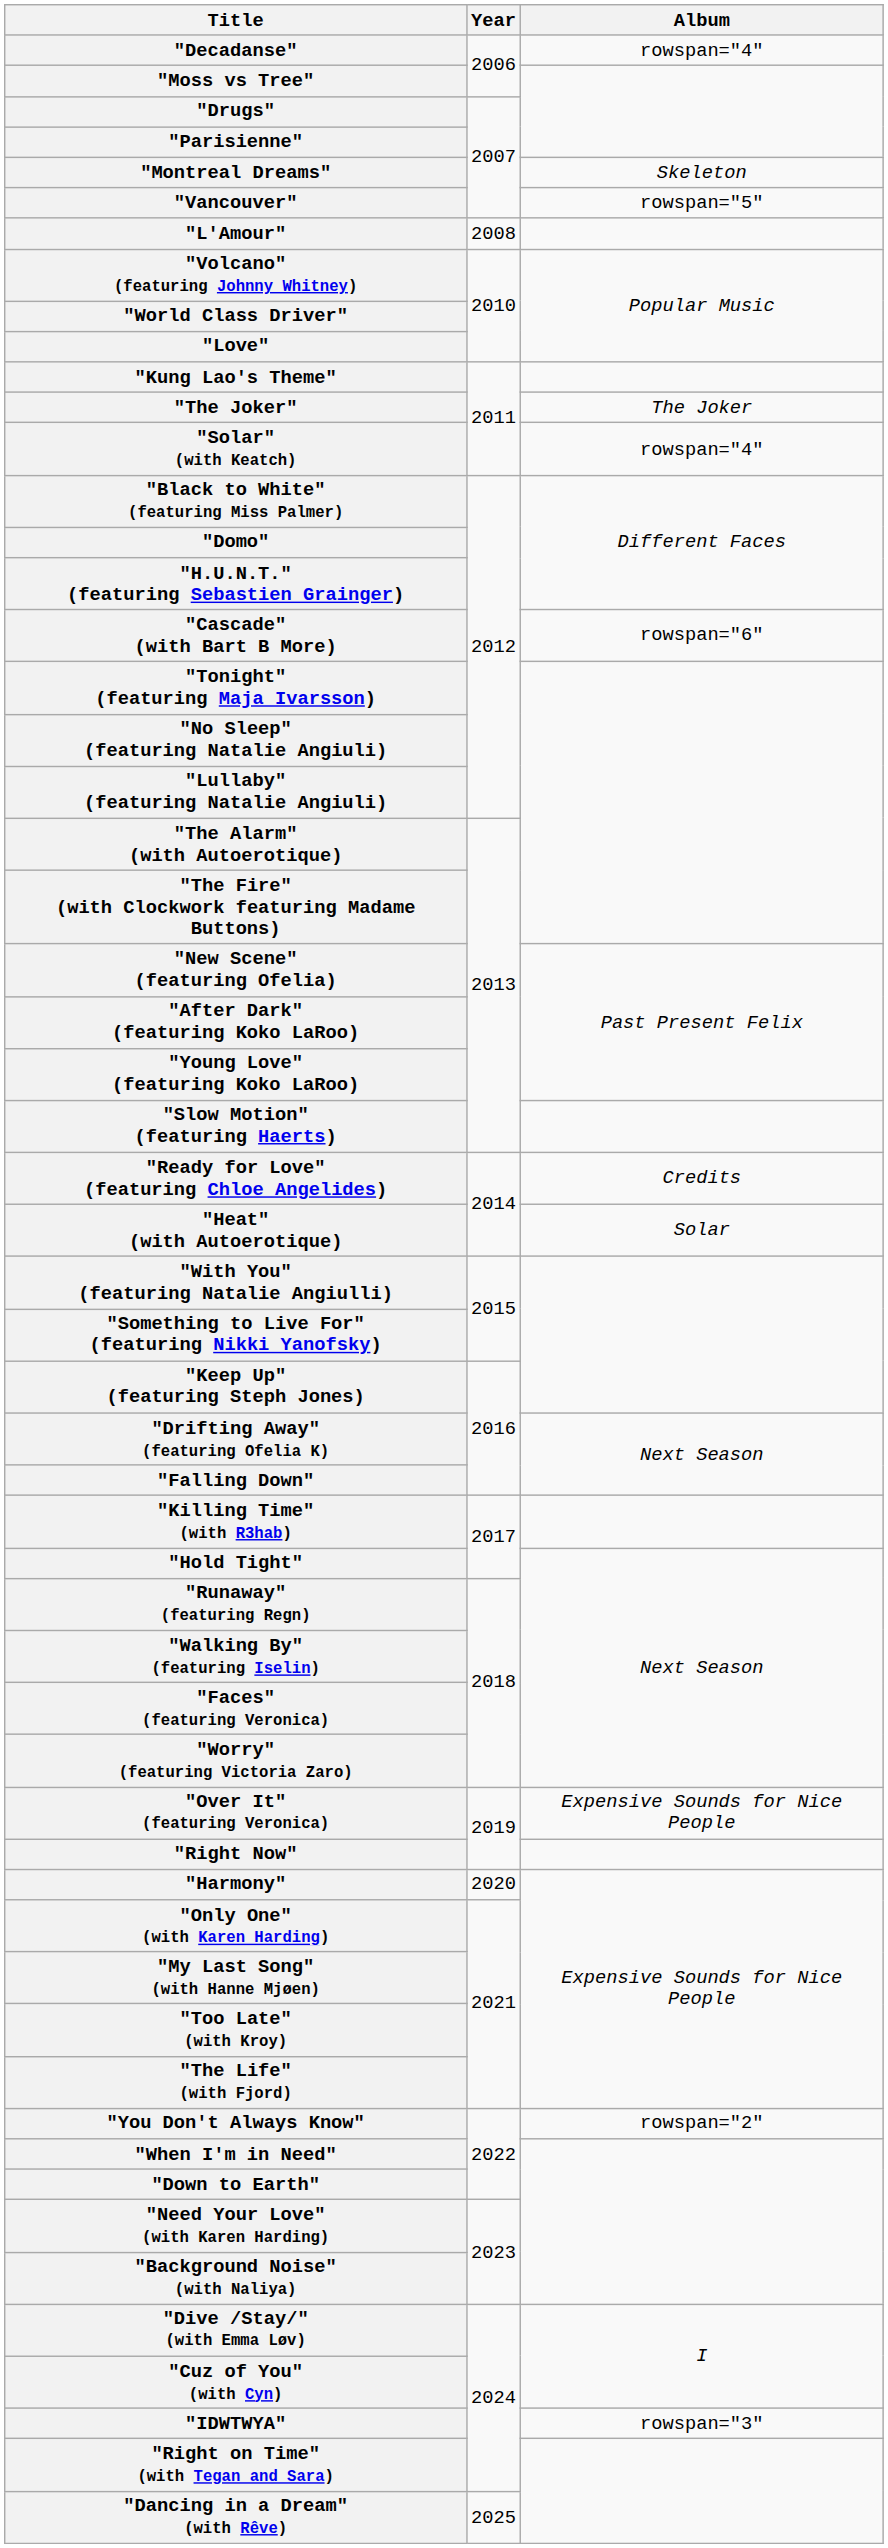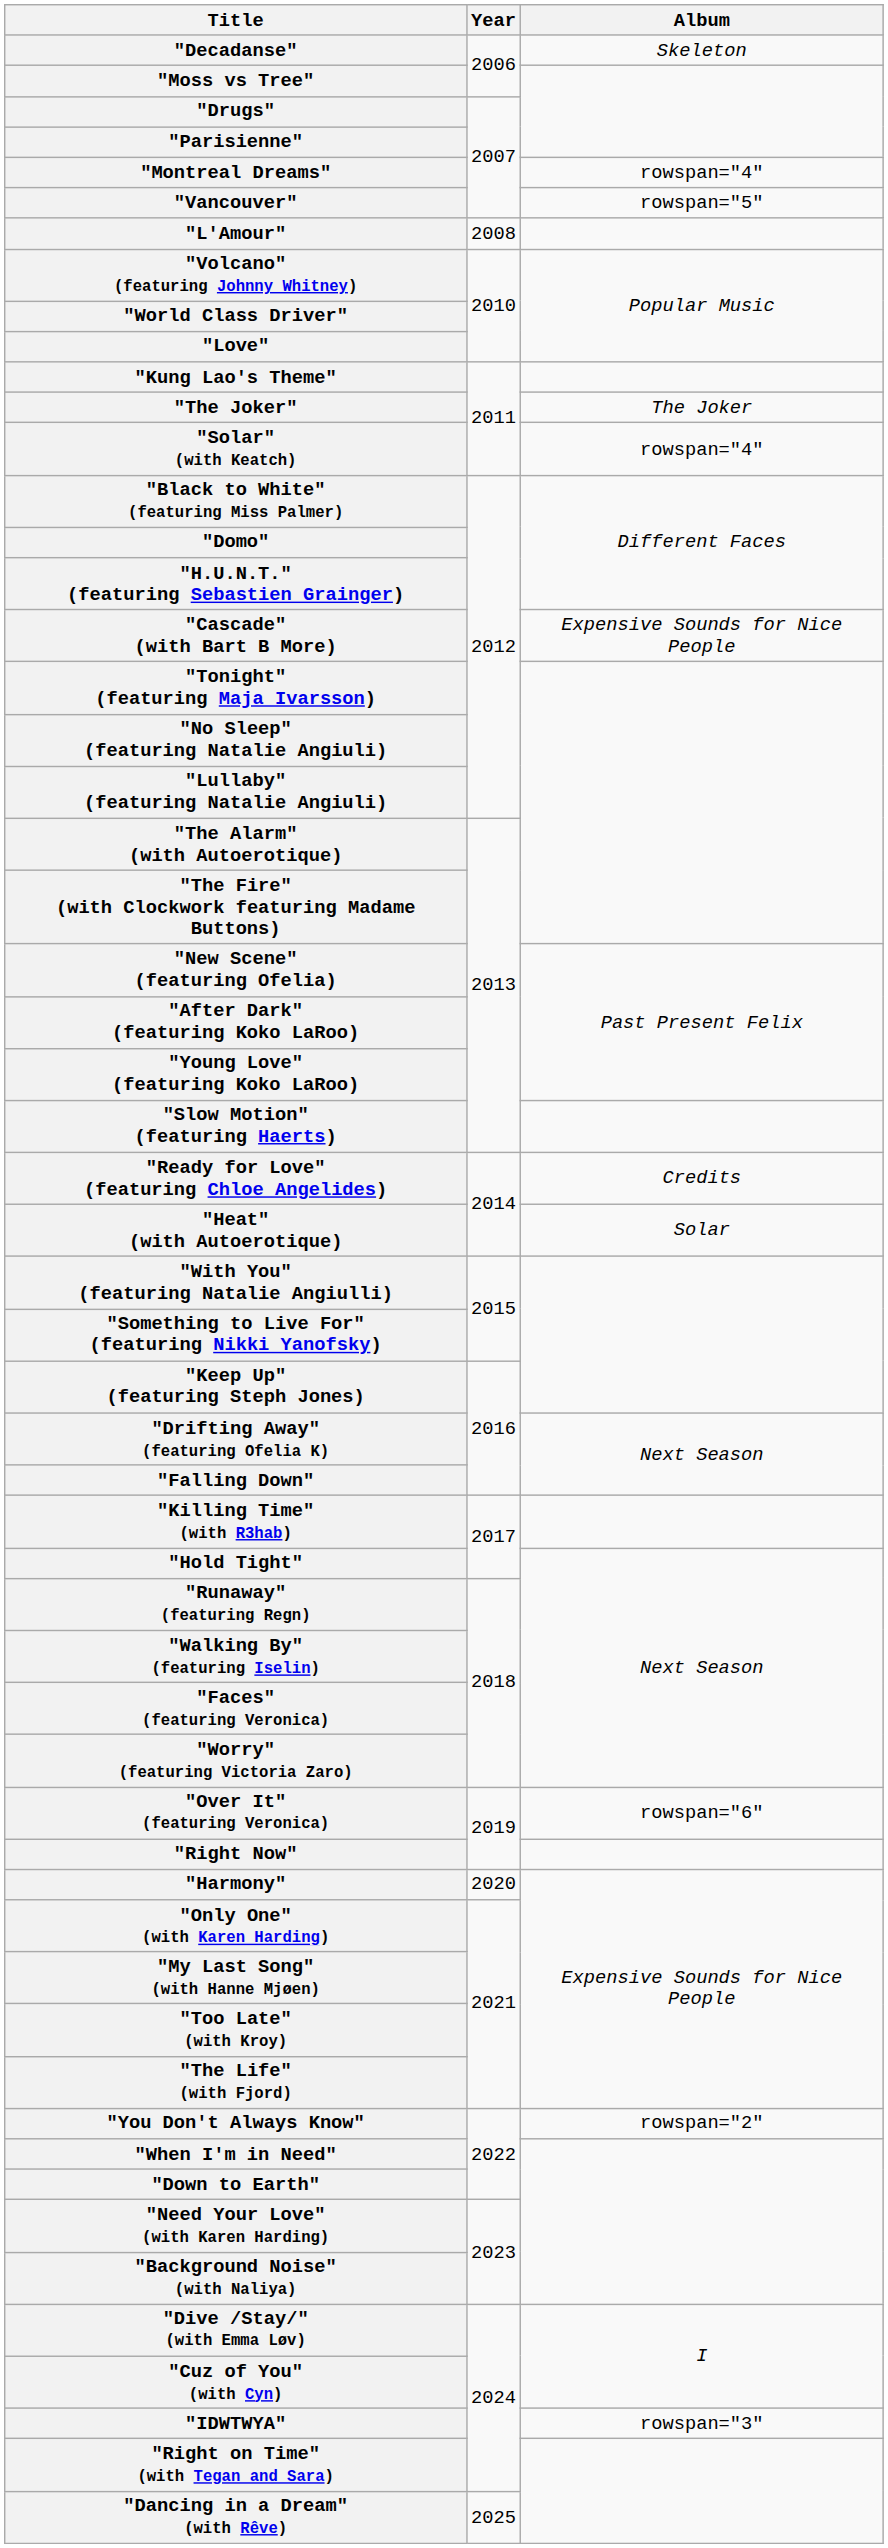 <table class="wikitable plainrowheaders" style="text-align:center;">
 <tr>
 <th scope="col">Title</th>
 <th scope="col">Year</th>
 <th scope="col">Album</th>
 </tr>
 <tr>
 <th scope="row">"Decadanse"</th>
 <td rowspan="2">2006</td>
-<td>rowspan="4" </td>
+<td><em>Skeleton</em></td>
 </tr>
 <tr>
 <th scope="row">"Moss vs Tree"</th>
 </tr>
 <tr>
 <th scope="row">"Drugs"</th>
 <td rowspan="4">2007</td>
 </tr>
 <tr>
 <th scope="row">"Parisienne"</th>
 </tr>
 <tr>
 <th scope="row">"Montreal Dreams"</th>
-<td><em>Skeleton</em></td>
+<td>rowspan="4" </td>
 </tr>
 <tr>
 <th scope="row">"Vancouver"</th>
 <td>rowspan="5" </td>
 </tr>
 <tr>
 <th scope="row">"L'Amour"</th>
 <td>2008</td>
 </tr>
 <tr>
 <th scope="row">"Volcano"<br><small>(featuring <a href='#'>Johnny Whitney</a>)</small></th>
 <td rowspan="3">2010</td>
 <td rowspan="3"><em>Popular Music</em></td>
 </tr>
 <tr>
 <th scope="row">"World Class Driver"</th>
 </tr>
 <tr>
 <th scope="row">"Love"</th>
 </tr>
 <tr>
 <th scope="row">"Kung Lao's Theme"</th>
 <td rowspan="3">2011</td>
 <td></td>
 </tr>
 <tr>
 <th scope="row">"The Joker"</th>
 <td><em>The Joker</em></td>
 </tr>
 <tr>
 <th scope="row">"Solar"<br><small>(with Keatch)</small></th>
 <td>rowspan="4" </td>
 </tr>
 <tr>
 <th scope="row">"Black to White"<br><small>(featuring Miss Palmer)</small></th>
 <td rowspan="7">2012</td>
 <td rowspan="3"><em>Different Faces</em></td>
 </tr>
 <tr>
 <th scope="row">"Domo"</th>
 </tr>
 <tr>
 <th scope="row">"H.U.N.T."<br><span>(featuring <a href='#'>Sebastien Grainger</a>)</span></th>
 </tr>
 <tr>
 <th scope="row">"Cascade"<br><span>(with Bart B More)</span></th>
-<td>rowspan="6" </td>
+<td><em>Expensive Sounds for Nice People</em></td>
 </tr>
 <tr>
 <th scope="row">"Tonight"<br><span>(featuring <a href='#'>Maja Ivarsson</a>)</span></th>
 </tr>
 <tr>
 <th scope="row">"No Sleep"<br><span>(featuring Natalie Angiuli)</span></th>
 </tr>
 <tr>
 <th scope="row">"Lullaby"<br><span>(featuring Natalie Angiuli)</span></th>
 </tr>
 <tr>
 <th scope="row">"The Alarm"<br><span>(with Autoerotique)</span></th>
 <td rowspan="6">2013</td>
 </tr>
 <tr>
 <th scope="row">"The Fire"<br><span>(with Clockwork featuring Madame Buttons)</span></th>
 </tr>
 <tr>
 <th scope="row">"New Scene"<br><span>(featuring Ofelia)</span></th>
 <td rowspan="3"><em>Past Present Felix</em></td>
 </tr>
 <tr>
 <th scope="row">"After Dark"<br><span>(featuring Koko LaRoo)</span></th>
 </tr>
 <tr>
 <th scope="row">"Young Love"<br><span>(featuring Koko LaRoo)</span></th>
 </tr>
 <tr>
 <th scope="row">"Slow Motion"<br><span>(featuring <a href='#'>Haerts</a>)</span></th>
 <td></td>
 </tr>
 <tr>
 <th scope="row">"Ready for Love"<br><span>(featuring <a href='#'>Chloe Angelides</a>)</span></th>
 <td rowspan="2">2014</td>
 <td><em>Credits</em></td>
 </tr>
 <tr>
 <th scope="row">"Heat"<br><span>(with Autoerotique)</span></th>
 <td><em>Solar</em></td>
 </tr>
 <tr>
 <th scope="row">"With You"<br><span>(featuring Natalie Angiulli)</span></th>
 <td rowspan="2">2015</td>
 </tr>
 <tr>
 <th scope="row">"Something to Live For"<br><span>(featuring <a href='#'>Nikki Yanofsky</a>)</span></th>
 </tr>
 <tr>
 <th scope="row">"Keep Up"<br><span>(featuring Steph Jones)</span></th>
 <td rowspan="3">2016</td>
 </tr>
 <tr>
 <th scope="row">"Drifting Away"<br><small>(featuring Ofelia K)</small></th>
 <td rowspan="2"><em>Next Season</em></td>
 </tr>
 <tr>
 <th scope="row">"Falling Down"</th>
 </tr>
 <tr>
 <th scope="row">"Killing Time"<br><small>(with <a href='#'>R3hab</a>)</small></th>
 <td rowspan="2">2017</td>
 <td></td>
 </tr>
 <tr>
 <th scope="row">"Hold Tight"</th>
 <td rowspan="5"><em>Next Season</em></td>
 </tr>
 <tr>
 <th scope="row">"Runaway"<br><small>(featuring Regn)</small></th>
 <td rowspan="4">2018</td>
 </tr>
 <tr>
 <th scope="row">"Walking By"<br><small>(featuring <a href='#'>Iselin</a>)</small></th>
 </tr>
 <tr>
 <th scope="row">"Faces"<br><small>(featuring Veronica)</small></th>
 </tr>
 <tr>
 <th scope="row">"Worry"<br><small>(featuring Victoria Zaro)</small></th>
 </tr>
 <tr>
 <th scope="row">"Over It"<br><small>(featuring Veronica)</small></th>
 <td rowspan="2">2019</td>
-<td><em>Expensive Sounds for Nice People</em></td>
+<td>rowspan="6" </td>
 </tr>
 <tr>
 <th scope="row">"Right Now"</th>
 <td></td>
 </tr>
 <tr>
 <th scope="row">"Harmony"</th>
 <td>2020</td>
 <td rowspan="5"><em>Expensive Sounds for Nice People</em></td>
 </tr>
 <tr>
 <th scope="row">"Only One"<br><small>(with <a href='#'>Karen Harding</a>)</small></th>
 <td rowspan="4">2021</td>
 </tr>
 <tr>
 <th scope="row">"My Last Song"<br><small>(with Hanne Mjøen)</small></th>
 </tr>
 <tr>
 <th scope="row">"Too Late"<br><small>(with Kroy)</small></th>
 </tr>
 <tr>
 <th scope="row">"The Life"<br><small>(with Fjord)</small></th>
 </tr>
 <tr>
 <th scope="row">"You Don't Always Know"</th>
 <td rowspan="3">2022</td>
 <td>rowspan="2" </td>
 </tr>
 <tr>
 <th scope="row">"When I'm in Need"</th>
 </tr>
 <tr>
 <th scope="row">"Down to Earth"</th>
 </tr>
 <tr>
 <th scope="row">"Need Your Love"<br><small>(with Karen Harding)</small></th>
 <td rowspan="2">2023</td>
 </tr>
 <tr>
 <th scope="row">"Background Noise"<br><small>(with Naliya)</small></th>
 </tr>
 <tr>
 <th scope="row">"Dive /Stay/"<br><small>(with Emma Løv)</small></th>
 <td rowspan="4">2024</td>
 <td rowspan="2"><em>I</em></td>
 </tr>
 <tr>
 <th scope="row">"Cuz of You"<br><small>(with <a href='#'>Cyn</a>)</small></th>
 </tr>
 <tr>
 <th scope="row">"IDWTWYA"</th>
 <td>rowspan="3" </td>
 </tr>
 <tr>
 <th scope="row">"Right on Time"<br><small>(with <a href='#'>Tegan and Sara</a>)</small></th>
 </tr>
 <tr>
 <th scope="row">"Dancing in a Dream"<br><small>(with <a href='#'>Rêve</a>)</small></th>
 <td>2025</td>
 </tr>
 </table>
